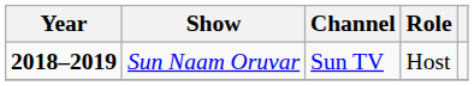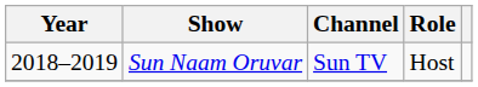 <table class="wikitable sortable plainrowheaders">
 <tr>
 <th>Year</th>
 <th>Show</th>
 <th>Channel</th>
 <th>Role</th>
 <th class=unsortable></th>
 </tr>
 <tr>
-<td><strong>2018–2019</strong></td>
+<td>2018–2019</td>
 <td><em><a href='#'>Sun Naam Oruvar</a></em></td>
 <td><a href='#'>Sun TV</a></td>
 <td>Host</td>
 <td></td>
 </tr>
 <tr>
 </tr>
 </table>
